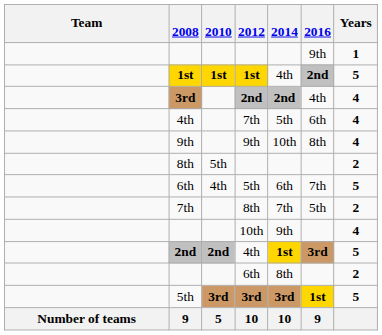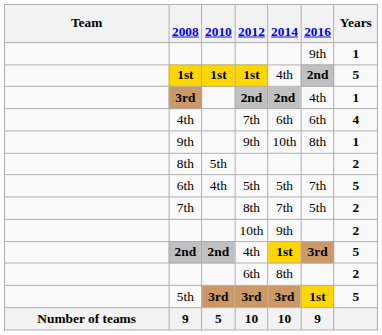 <table class="wikitable" style="text-align:center; font-size:90%">
 <tr>
 <th width=170>Team</th>
 <th width=25><br><a href='#'>2008</a></th>
 <th width=25><br><a href='#'>2010</a></th>
 <th width=25><br><a href='#'>2012</a></th>
 <th width=25><br><a href='#'>2014</a></th>
 <th width=25><br><a href='#'>2016</a></th>
 <th width=40>Years</th>
 </tr>
 <tr>
 <td align=left></td>
 <td></td>
 <td></td>
 <td></td>
 <td></td>
 <td>9th</td>
 <td><strong>1</strong></td>
 </tr>
 <tr>
 <td align=left></td>
 <td bgcolor=gold><strong>1st</strong></td>
 <td bgcolor=gold><strong>1st</strong></td>
 <td bgcolor=gold><strong>1st</strong></td>
 <td>4th</td>
 <td bgcolor=silver><strong>2nd</strong></td>
 <td><strong>5</strong></td>
 </tr>
 <tr>
 <td align=left></td>
 <td bgcolor=#cc9966><strong>3rd</strong></td>
 <td></td>
 <td bgcolor=silver><strong>2nd</strong></td>
 <td bgcolor=silver><strong>2nd</strong></td>
 <td>4th</td>
-<td><strong>4</strong></td>
+<td><strong>1</strong></td>
 </tr>
 <tr>
 <td align=left></td>
 <td>4th</td>
 <td></td>
 <td>7th</td>
-<td>5th</td>
+<td>6th</td>
 <td>6th</td>
 <td><strong>4</strong></td>
 </tr>
 <tr>
 <td align=left></td>
 <td>9th</td>
 <td></td>
 <td>9th</td>
 <td>10th</td>
 <td>8th</td>
-<td><strong>4</strong></td>
+<td><strong>1</strong></td>
 </tr>
 <tr>
 <td align=left></td>
 <td>8th</td>
 <td>5th</td>
 <td></td>
 <td></td>
 <td></td>
 <td><strong>2</strong></td>
 </tr>
 <tr>
 <td align=left></td>
 <td>6th</td>
 <td>4th</td>
 <td>5th</td>
-<td>6th</td>
+<td>5th</td>
 <td>7th</td>
 <td><strong>5</strong></td>
 </tr>
 <tr>
 <td align=left></td>
 <td>7th</td>
 <td></td>
 <td>8th</td>
 <td>7th</td>
 <td>5th</td>
 <td><strong>2</strong></td>
 </tr>
 <tr>
 <td align=left></td>
 <td></td>
 <td></td>
 <td>10th</td>
 <td>9th</td>
 <td></td>
-<td><strong>4</strong></td>
+<td><strong>2</strong></td>
 </tr>
 <tr>
 <td align=left></td>
 <td bgcolor=silver><strong>2nd</strong></td>
 <td bgcolor=silver><strong>2nd</strong></td>
 <td>4th</td>
 <td bgcolor=gold><strong>1st</strong></td>
 <td bgcolor=#cc9966><strong>3rd</strong></td>
 <td><strong>5</strong></td>
 </tr>
 <tr>
 <td align=left></td>
 <td></td>
 <td></td>
 <td>6th</td>
 <td>8th</td>
 <td></td>
 <td><strong>2</strong></td>
 </tr>
 <tr>
 <td align=left></td>
 <td>5th</td>
 <td bgcolor=#cc9966><strong>3rd</strong></td>
 <td bgcolor=#cc9966><strong>3rd</strong></td>
 <td bgcolor=#cc9966><strong>3rd</strong></td>
 <td bgcolor=gold><strong>1st</strong></td>
 <td><strong>5</strong></td>
 </tr>
 <tr>
 <th>Number of teams</th>
 <th>9</th>
 <th>5</th>
 <th>10</th>
 <th>10</th>
 <th>9</th>
 <th></th>
 </tr>
 </table>
